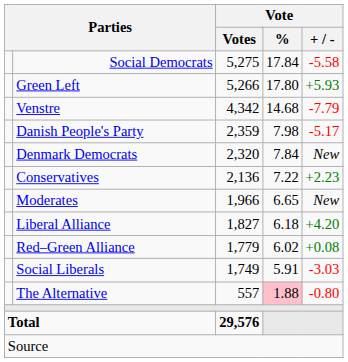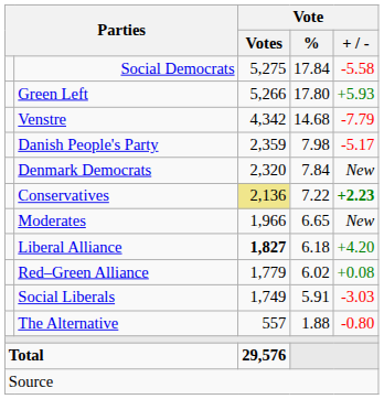 <table class="wikitable" style="text-align:right;">
 <tr>
 <th style="text-align:centre;" rowspan="2" colspan="2" width="225">Parties</th>
 <th colspan="3">Vote</th>
 </tr>
 <tr>
 <th width="15">Votes</th>
 <th width="15">%</th>
 <th width="15">+ / -</th>
 </tr>
 <tr>
 <td width=2 bgcolor=></td>
 <td><a href='#'>Social Democrats</a></td>
 <td>5,275</td>
 <td>17.84</td>
 <td style=color:red;>-5.58</td>
 </tr>
 <tr>
 <td width=2 bgcolor=></td>
 <td align=left><a href='#'>Green Left</a></td>
 <td>5,266</td>
 <td>17.80</td>
 <td style=color:green;>+5.93</td>
 </tr>
 <tr>
 <td width=2 bgcolor=></td>
 <td align=left><a href='#'>Venstre</a></td>
 <td>4,342</td>
 <td>14.68</td>
 <td style=color:red;>-7.79</td>
 </tr>
 <tr>
 <td width=2 bgcolor=></td>
 <td align=left><a href='#'>Danish People's Party</a></td>
 <td>2,359</td>
 <td>7.98</td>
 <td style=color:red;>-5.17</td>
 </tr>
 <tr>
 <td width=2 bgcolor=></td>
 <td align=left><a href='#'>Denmark Democrats</a></td>
 <td>2,320</td>
 <td>7.84</td>
 <td><em>New</em></td>
 </tr>
 <tr>
 <td width=2 bgcolor=></td>
 <td align=left><a href='#'>Conservatives</a></td>
-<td>2,136</td>
+<td style="background: khaki;">2,136</td>
 <td>7.22</td>
-<td style=color:green;>+2.23</td>
+<td style=color:green;><strong>+2.23</strong></td>
 </tr>
 <tr>
 <td width=2 bgcolor=></td>
 <td align=left><a href='#'>Moderates</a></td>
 <td>1,966</td>
 <td>6.65</td>
 <td><em>New</em></td>
 </tr>
 <tr>
 <td width=2 bgcolor=></td>
 <td align=left><a href='#'>Liberal Alliance</a></td>
-<td>1,827</td>
+<td><strong>1,827</strong></td>
 <td>6.18</td>
 <td style=color:green;>+4.20</td>
 </tr>
 <tr>
 <td width=2 bgcolor=></td>
 <td align=left><a href='#'>Red–Green Alliance</a></td>
 <td>1,779</td>
 <td>6.02</td>
 <td style=color:green;>+0.08</td>
 </tr>
 <tr>
 <td width=2 bgcolor=></td>
 <td align=left><a href='#'>Social Liberals</a></td>
 <td>1,749</td>
 <td>5.91</td>
 <td style=color:red;>-3.03</td>
 </tr>
 <tr>
 <td width=2 bgcolor=></td>
 <td align=left><a href='#'>The Alternative</a></td>
 <td>557</td>
-<td style="background: pink;">1.88</td>
+<td>1.88</td>
 <td style=color:red;>-0.80</td>
 </tr>
 <tr>
 <td colspan="7" bgcolor="#E9E9E9"></td>
 </tr>
 <tr>
 <td align="left" colspan="2"><strong>Total</strong></td>
 <td><strong>29,576</strong></td>
 <td bgcolor=#E9E9E9 colspan=2></td>
 </tr>
 <tr>
 <td align="left" colspan="6">Source</td>
 </tr>
 </table>
